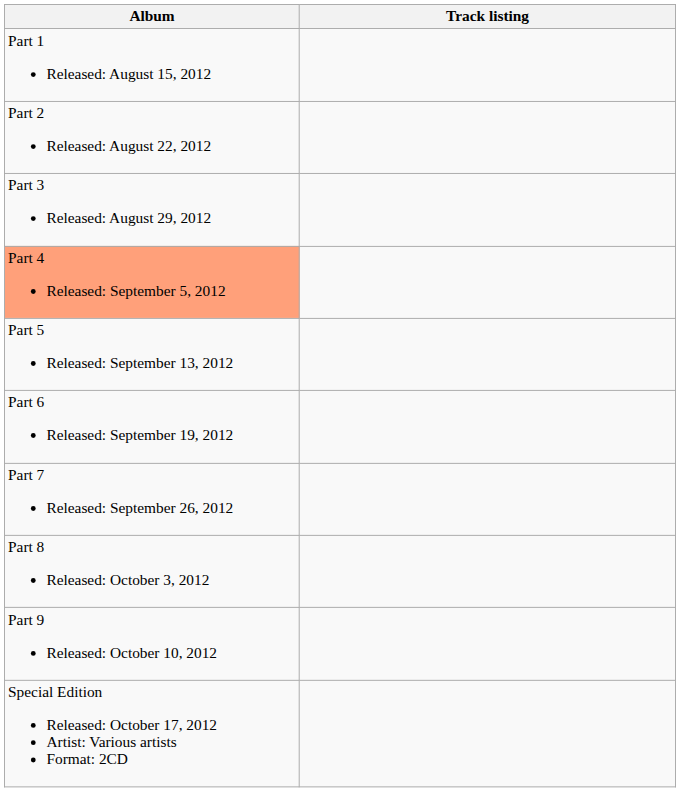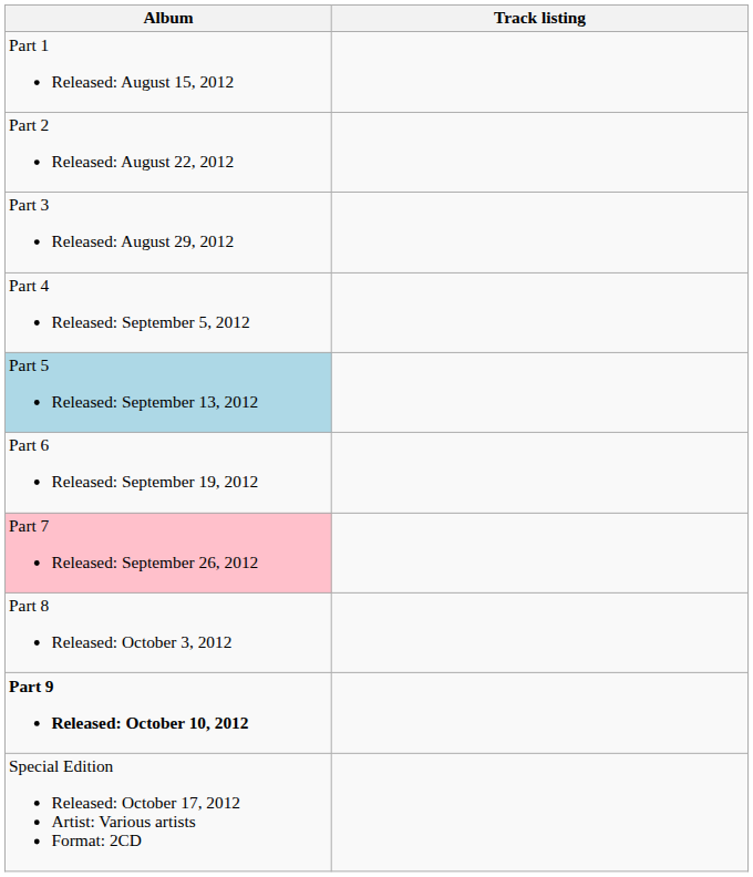 <table class="wikitable" style="width: 700px;">
 <tr>
 <th width=300px>Album</th>
 <th>Track listing</th>
 </tr>
 <tr>
 <td>Part 1<br><ul><li>Released: August 15, 2012</li></ul></td>
 <td></td>
 </tr>
 <tr>
 <td>Part 2<br><ul><li>Released: August 22, 2012</li></ul></td>
 <td></td>
 </tr>
 <tr>
 <td>Part 3<br><ul><li>Released: August 29, 2012</li></ul></td>
 <td></td>
 </tr>
 <tr>
-<td style="background: lightsalmon;">Part 4<br><ul><li>Released: September 5, 2012</li></ul></td>
+<td>Part 4<br><ul><li>Released: September 5, 2012</li></ul></td>
 <td></td>
 </tr>
 <tr>
-<td>Part 5<br><ul><li>Released: September 13, 2012</li></ul></td>
+<td style="background: lightblue;">Part 5<br><ul><li>Released: September 13, 2012</li></ul></td>
 <td></td>
 </tr>
 <tr>
 <td>Part 6<br><ul><li>Released: September 19, 2012</li></ul></td>
 <td></td>
 </tr>
 <tr>
-<td>Part 7<br><ul><li>Released: September 26, 2012</li></ul></td>
+<td style="background: pink;">Part 7<br><ul><li>Released: September 26, 2012</li></ul></td>
 <td></td>
 </tr>
 <tr>
 <td>Part 8<br><ul><li>Released: October 3, 2012</li></ul></td>
 <td></td>
 </tr>
 <tr>
-<td>Part 9<br><ul><li>Released: October 10, 2012</li></ul></td>
+<td><strong>Part 9<br><ul><li>Released: October 10, 2012</li></ul></strong></td>
 <td></td>
 </tr>
 <tr>
 <td>Special Edition<br><ul><li>Released: October 17, 2012</li><li>Artist: Various artists</li><li>Format: 2CD</li></ul></td>
 <td></td>
 </tr>
 </table>
